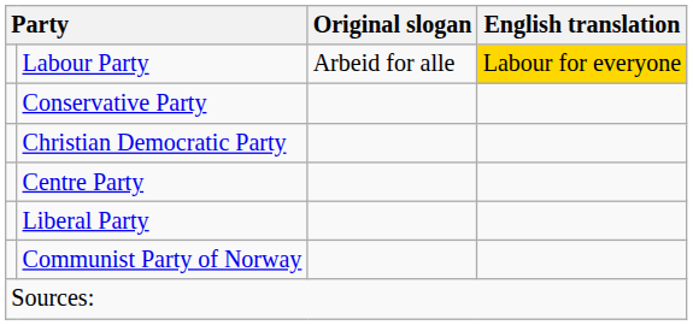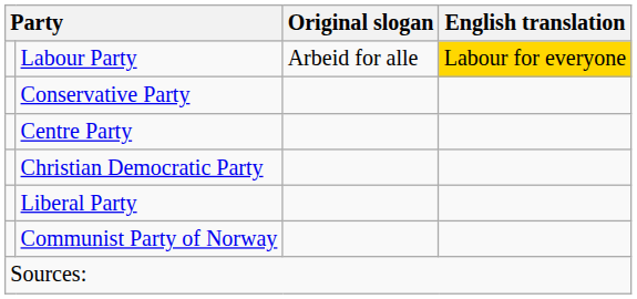 <table class="wikitable" style="font-size:97%; text-align:left">
 <tr>
 <th colspan="2" style="text-align:left;">Party</th>
 <th>Original slogan</th>
 <th>English translation</th>
 </tr>
 <tr>
 <td style="background:"></td>
 <td><a href='#'>Labour Party</a></td>
 <td>Arbeid for alle</td>
 <td style="background: gold;">Labour for everyone</td>
 </tr>
 <tr>
 <td style="background:"></td>
 <td><a href='#'>Conservative Party</a></td>
 <td></td>
 <td></td>
 </tr>
 <tr>
 <td style="background:"></td>
-<td><a href='#'>Christian Democratic Party</a></td>
+<td><a href='#'>Centre Party</a></td>
 <td></td>
 <td></td>
 </tr>
 <tr>
 <td style="background:"></td>
-<td><a href='#'>Centre Party</a></td>
+<td><a href='#'>Christian Democratic Party</a></td>
 <td></td>
 <td></td>
 </tr>
 <tr>
 <td style="background:"></td>
 <td><a href='#'>Liberal Party</a></td>
 <td></td>
 <td></td>
 </tr>
 <tr>
 <td style="background:"></td>
 <td><a href='#'>Communist Party of Norway</a></td>
 <td></td>
 <td></td>
 </tr>
 <tr>
 <td colspan="4">Sources: </td>
 </tr>
 </table>
